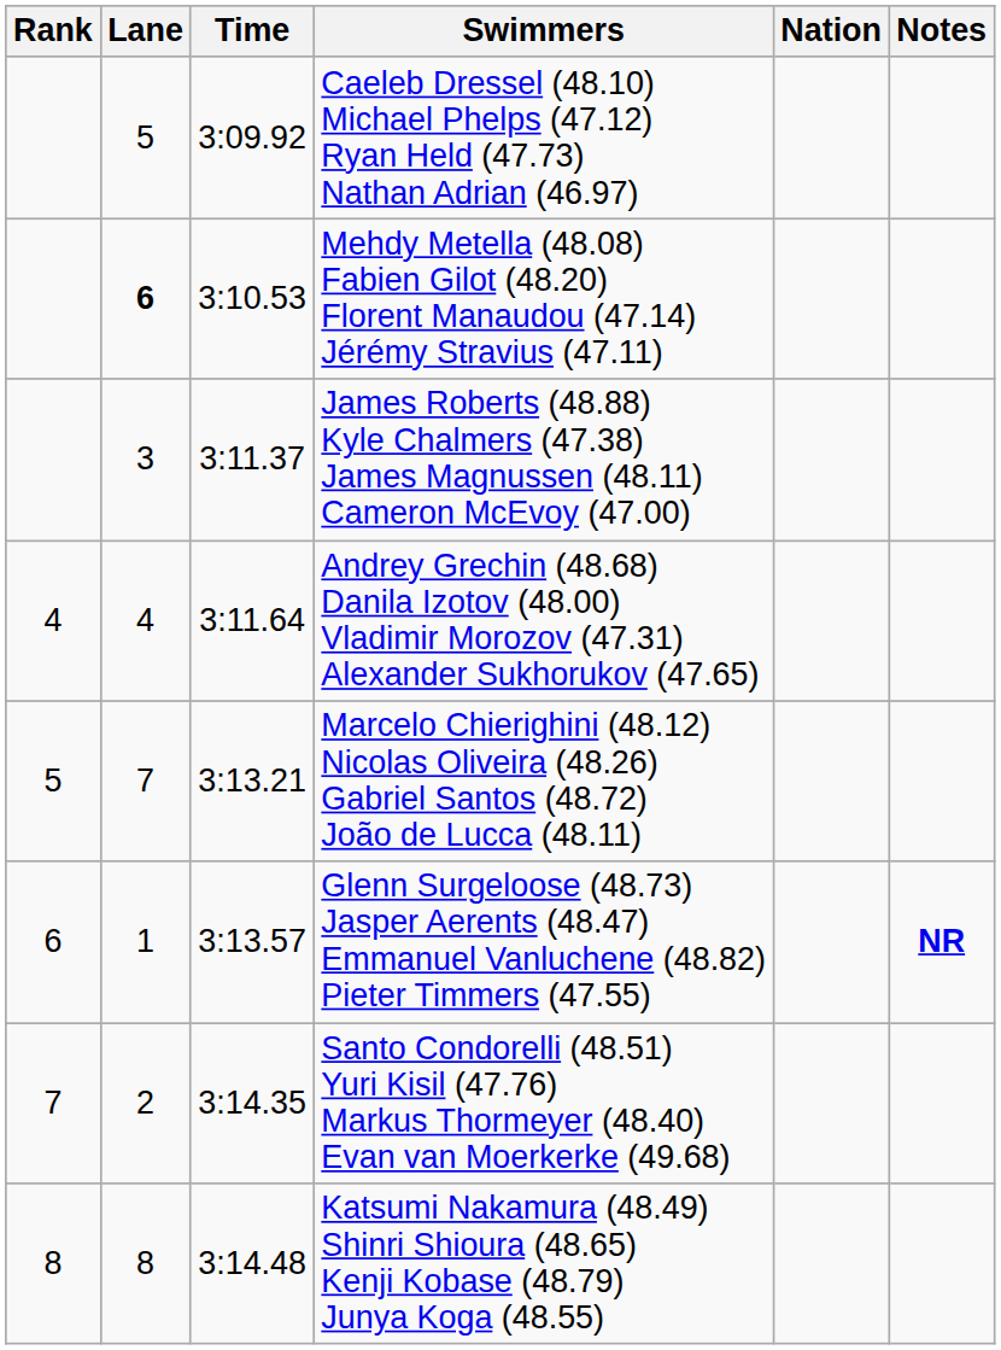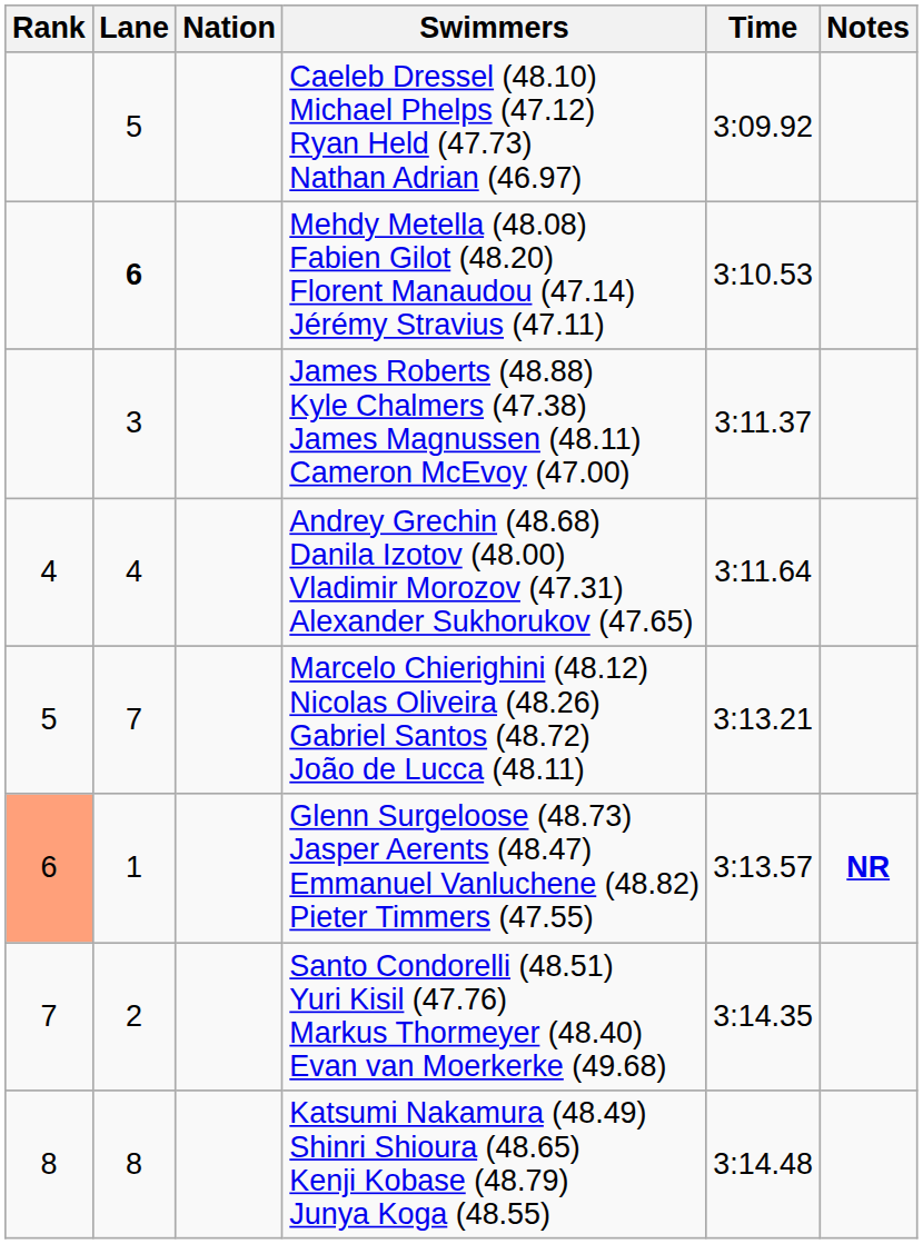 <table class="wikitable sortable" style="text-align:center">
 <tr>
 <th>Rank</th>
 <th>Lane</th>
+<th>Nation</th>
+<th>Swimmers</th>
 <th>Time</th>
-<th>Swimmers</th>
-<th>Nation</th>
 <th>Notes</th>
 </tr>
 <tr>
 <td></td>
 <td>5</td>
+<td align=left></td>
+<td align=left><a href='#'>Caeleb Dressel</a> (48.10)<br><a href='#'>Michael Phelps</a> (47.12)<br><a href='#'>Ryan Held</a> (47.73)<br><a href='#'>Nathan Adrian</a> (46.97)</td>
 <td>3:09.92</td>
-<td align=left><a href='#'>Caeleb Dressel</a> (48.10)<br><a href='#'>Michael Phelps</a> (47.12)<br><a href='#'>Ryan Held</a> (47.73)<br><a href='#'>Nathan Adrian</a> (46.97)</td>
-<td align=left></td>
 <td></td>
 </tr>
 <tr>
 <td></td>
 <td><strong>6</strong></td>
+<td align=left></td>
+<td align=left><a href='#'>Mehdy Metella</a> (48.08)<br><a href='#'>Fabien Gilot</a> (48.20)<br><a href='#'>Florent Manaudou</a> (47.14)<br><a href='#'>Jérémy Stravius</a> (47.11)</td>
 <td>3:10.53</td>
-<td align=left><a href='#'>Mehdy Metella</a> (48.08)<br><a href='#'>Fabien Gilot</a> (48.20)<br><a href='#'>Florent Manaudou</a> (47.14)<br><a href='#'>Jérémy Stravius</a> (47.11)</td>
-<td align=left></td>
 <td></td>
 </tr>
 <tr>
 <td></td>
 <td>3</td>
+<td align=left></td>
+<td align=left><a href='#'>James Roberts</a> (48.88)<br><a href='#'>Kyle Chalmers</a> (47.38)<br><a href='#'>James Magnussen</a> (48.11)<br><a href='#'>Cameron McEvoy</a> (47.00)</td>
 <td>3:11.37</td>
-<td align=left><a href='#'>James Roberts</a> (48.88)<br><a href='#'>Kyle Chalmers</a> (47.38)<br><a href='#'>James Magnussen</a> (48.11)<br><a href='#'>Cameron McEvoy</a> (47.00)</td>
-<td align=left></td>
 <td></td>
 </tr>
 <tr>
 <td>4</td>
 <td>4</td>
+<td align=left></td>
+<td align=left><a href='#'>Andrey Grechin</a> (48.68)<br><a href='#'>Danila Izotov</a> (48.00)<br><a href='#'>Vladimir Morozov</a> (47.31)<br><a href='#'>Alexander Sukhorukov</a> (47.65)</td>
 <td>3:11.64</td>
-<td align=left><a href='#'>Andrey Grechin</a> (48.68)<br><a href='#'>Danila Izotov</a> (48.00)<br><a href='#'>Vladimir Morozov</a> (47.31)<br><a href='#'>Alexander Sukhorukov</a> (47.65)</td>
-<td align=left></td>
 <td></td>
 </tr>
 <tr>
 <td>5</td>
 <td>7</td>
+<td align=left></td>
+<td align=left><a href='#'>Marcelo Chierighini</a> (48.12)<br><a href='#'>Nicolas Oliveira</a> (48.26)<br><a href='#'>Gabriel Santos</a> (48.72)<br><a href='#'>João de Lucca</a> (48.11)</td>
 <td>3:13.21</td>
-<td align=left><a href='#'>Marcelo Chierighini</a> (48.12)<br><a href='#'>Nicolas Oliveira</a> (48.26)<br><a href='#'>Gabriel Santos</a> (48.72)<br><a href='#'>João de Lucca</a> (48.11)</td>
-<td align=left></td>
 <td></td>
 </tr>
 <tr>
-<td>6</td>
+<td style="background: lightsalmon;">6</td>
 <td>1</td>
+<td align=left></td>
+<td align=left><a href='#'>Glenn Surgeloose</a> (48.73)<br><a href='#'>Jasper Aerents</a> (48.47)<br><a href='#'>Emmanuel Vanluchene</a> (48.82)<br><a href='#'>Pieter Timmers</a> (47.55)</td>
 <td>3:13.57</td>
-<td align=left><a href='#'>Glenn Surgeloose</a> (48.73)<br><a href='#'>Jasper Aerents</a> (48.47)<br><a href='#'>Emmanuel Vanluchene</a> (48.82)<br><a href='#'>Pieter Timmers</a> (47.55)</td>
-<td align=left></td>
 <td><strong><a href='#'>NR</a></strong></td>
 </tr>
 <tr>
 <td>7</td>
 <td>2</td>
+<td align=left></td>
+<td align=left><a href='#'>Santo Condorelli</a> (48.51)<br><a href='#'>Yuri Kisil</a> (47.76)<br><a href='#'>Markus Thormeyer</a> (48.40)<br><a href='#'>Evan van Moerkerke</a> (49.68)</td>
 <td>3:14.35</td>
-<td align=left><a href='#'>Santo Condorelli</a> (48.51)<br><a href='#'>Yuri Kisil</a> (47.76)<br><a href='#'>Markus Thormeyer</a> (48.40)<br><a href='#'>Evan van Moerkerke</a> (49.68)</td>
-<td align=left></td>
 <td></td>
 </tr>
 <tr>
 <td>8</td>
 <td>8</td>
+<td align=left></td>
+<td align=left><a href='#'>Katsumi Nakamura</a> (48.49)<br><a href='#'>Shinri Shioura</a> (48.65)<br><a href='#'>Kenji Kobase</a> (48.79)<br><a href='#'>Junya Koga</a> (48.55)</td>
 <td>3:14.48</td>
-<td align=left><a href='#'>Katsumi Nakamura</a> (48.49)<br><a href='#'>Shinri Shioura</a> (48.65)<br><a href='#'>Kenji Kobase</a> (48.79)<br><a href='#'>Junya Koga</a> (48.55)</td>
-<td align=left></td>
 <td></td>
 </tr>
 </table>
